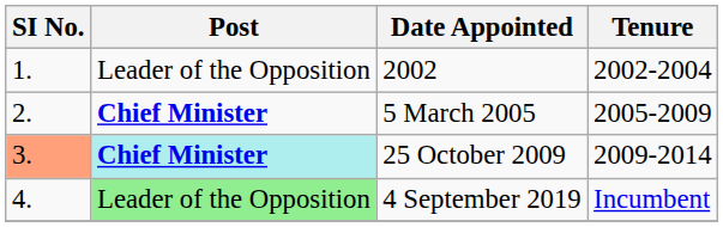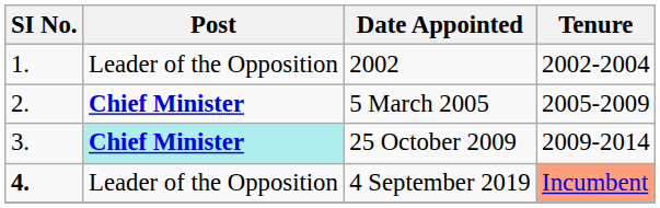 <table class ="wikitable">
 <tr>
 <th>SI No.</th>
 <th>Post</th>
 <th>Date Appointed</th>
 <th>Tenure</th>
 </tr>
 <tr>
 <td>1.</td>
 <td>Leader of the Opposition</td>
 <td>2002</td>
 <td>2002-2004</td>
 </tr>
 <tr>
 <td>2.</td>
 <td><strong><a href='#'>Chief Minister</a></strong></td>
 <td>5 March 2005</td>
 <td>2005-2009</td>
 </tr>
 <tr>
-<td style="background: lightsalmon;">3.</td>
+<td>3.</td>
 <td style="background: paleturquoise;"><strong><a href='#'>Chief Minister</a></strong></td>
 <td>25 October 2009</td>
 <td>2009-2014</td>
 </tr>
 <tr>
-<td>4.</td>
-<td style="background: lightgreen;">Leader of the Opposition</td>
+<td><strong>4.</strong></td>
+<td>Leader of the Opposition</td>
 <td>4 September 2019</td>
-<td><a href='#'>Incumbent</a></td>
+<td style="background: lightsalmon;"><a href='#'>Incumbent</a></td>
 </tr>
 <tr>
 </tr>
 </table>
